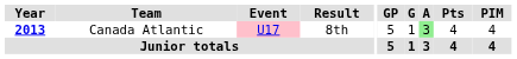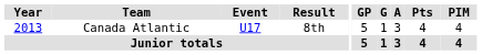 <table border="0" cellpadding="1" cellspacing="0" ID="Table3" style="text-align:center; width:40em">
 <tr ALIGN="center" bgcolor="#e0e0e0">
 <th>Year</th>
 <th>Team</th>
 <th>Event</th>
 <th>Result</th>
 <th rowspan="99" bgcolor="#ffffff"></th>
 <th>GP</th>
 <th>G</th>
 <th>A</th>
 <th>Pts</th>
 <th>PIM</th>
 </tr>
 <tr>
-<td><strong><a href='#'>2013</a></strong></td>
+<td><a href='#'>2013</a></td>
 <td>Canada Atlantic</td>
-<td style="background: pink;"><a href='#'>U17</a></td>
+<td><a href='#'>U17</a></td>
 <td>8th</td>
 <td>5</td>
 <td>1</td>
-<td style="background: lightgreen;">3</td>
+<td>3</td>
 <td>4</td>
 <td>4</td>
 </tr>
 <tr bgcolor="#e0e0e0">
 <th colspan="4">Junior totals</th>
 <th>5</th>
 <th>1</th>
 <th>3</th>
 <th>4</th>
 <th>4</th>
 </tr>
 </table>
